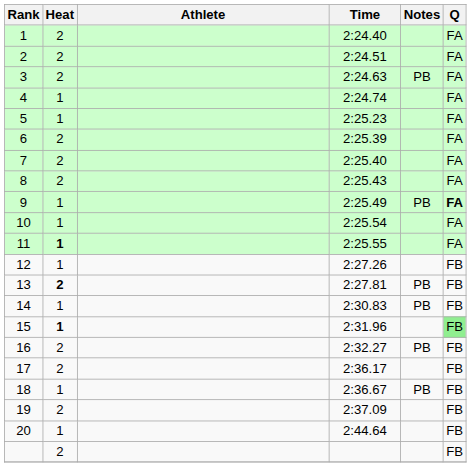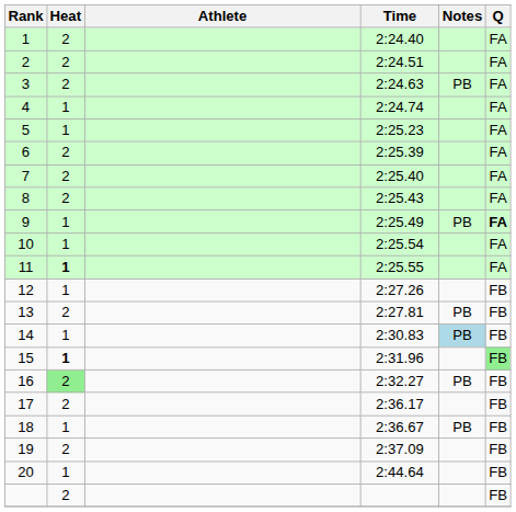 <table class="wikitable sortable" style="text-align:center">
 <tr>
 <th>Rank</th>
 <th>Heat</th>
 <th width=300>Athlete</th>
 <th width=80>Time</th>
 <th>Notes</th>
 <th>Q</th>
 </tr>
 <tr bgcolor=ccffcc>
 <td>1</td>
 <td>2</td>
 <td align=left></td>
 <td>2:24.40</td>
 <td></td>
 <td>FA</td>
 </tr>
 <tr bgcolor=ccffcc>
 <td>2</td>
 <td>2</td>
 <td align=left></td>
 <td>2:24.51</td>
 <td></td>
 <td>FA</td>
 </tr>
 <tr bgcolor=ccffcc>
 <td>3</td>
 <td>2</td>
 <td align=left></td>
 <td>2:24.63</td>
 <td>PB</td>
 <td>FA</td>
 </tr>
 <tr bgcolor=ccffcc>
 <td>4</td>
 <td>1</td>
 <td align=left></td>
 <td>2:24.74</td>
 <td></td>
 <td>FA</td>
 </tr>
 <tr bgcolor=ccffcc>
 <td>5</td>
 <td>1</td>
 <td align=left></td>
 <td>2:25.23</td>
 <td></td>
 <td>FA</td>
 </tr>
 <tr bgcolor=ccffcc>
 <td>6</td>
 <td>2</td>
 <td align=left></td>
 <td>2:25.39</td>
 <td></td>
 <td>FA</td>
 </tr>
 <tr bgcolor=ccffcc>
 <td>7</td>
 <td>2</td>
 <td align=left></td>
 <td>2:25.40</td>
 <td></td>
 <td>FA</td>
 </tr>
 <tr bgcolor=ccffcc>
 <td>8</td>
 <td>2</td>
 <td align=left></td>
 <td>2:25.43</td>
 <td></td>
 <td>FA</td>
 </tr>
 <tr bgcolor=ccffcc>
 <td>9</td>
 <td>1</td>
 <td align=left></td>
 <td>2:25.49</td>
 <td>PB</td>
 <td><strong>FA</strong></td>
 </tr>
 <tr bgcolor=ccffcc>
 <td>10</td>
 <td>1</td>
 <td align=left></td>
 <td>2:25.54</td>
 <td></td>
 <td>FA</td>
 </tr>
 <tr bgcolor=ccffcc>
 <td>11</td>
 <td><strong>1</strong></td>
 <td align=left></td>
 <td>2:25.55</td>
 <td></td>
 <td>FA</td>
 </tr>
 <tr>
 <td>12</td>
 <td>1</td>
 <td align=left></td>
 <td>2:27.26</td>
 <td></td>
 <td>FB</td>
 </tr>
 <tr>
 <td>13</td>
-<td><strong>2</strong></td>
+<td>2</td>
 <td align=left></td>
 <td>2:27.81</td>
 <td>PB</td>
 <td>FB</td>
 </tr>
 <tr>
 <td>14</td>
 <td>1</td>
 <td align=left></td>
 <td>2:30.83</td>
-<td>PB</td>
+<td style="background: lightblue;">PB</td>
 <td>FB</td>
 </tr>
 <tr>
 <td>15</td>
 <td><strong>1</strong></td>
 <td align=left></td>
 <td>2:31.96</td>
 <td></td>
 <td style="background: lightgreen;">FB</td>
 </tr>
 <tr>
 <td>16</td>
-<td>2</td>
+<td style="background: lightgreen;">2</td>
 <td align=left></td>
 <td>2:32.27</td>
 <td>PB</td>
 <td>FB</td>
 </tr>
 <tr>
 <td>17</td>
 <td>2</td>
 <td align=left></td>
 <td>2:36.17</td>
 <td></td>
 <td>FB</td>
 </tr>
 <tr>
 <td>18</td>
 <td>1</td>
 <td align=left></td>
 <td>2:36.67</td>
 <td>PB</td>
 <td>FB</td>
 </tr>
 <tr>
 <td>19</td>
 <td>2</td>
 <td align=left></td>
 <td>2:37.09</td>
 <td></td>
 <td>FB</td>
 </tr>
 <tr>
 <td>20</td>
 <td>1</td>
 <td align=left></td>
 <td>2:44.64</td>
 <td></td>
 <td>FB</td>
 </tr>
 <tr>
 <td></td>
 <td>2</td>
 <td align=left></td>
 <td></td>
 <td></td>
 <td>FB</td>
 </tr>
 <tr>
 </tr>
 </table>
